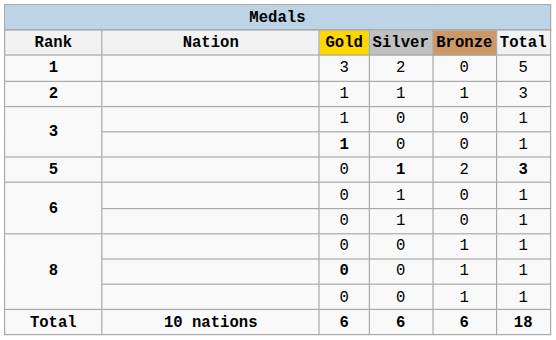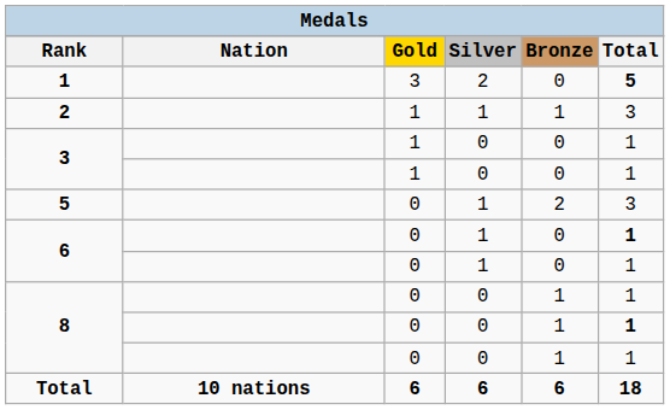 <table class=wikitable style=text-align:center>
 <tr>
 <td colspan=6 style="background:#BCD4E6"><strong>Medals</strong></td>
 </tr>
 <tr>
 </tr>
 <tr style="background-color:#EDEDED;">
 <th width=75px class="hintergrundfarbe5">Rank</th>
 <th width=175px class="hintergrundfarbe6">Nation</th>
 <th width=35px style="background:gold">Gold</th>
 <th width=35px style="background:silver">Silver</th>
 <th width=35px style="background:#CC9966">Bronze</th>
 <th width=35px>Total</th>
 </tr>
 <tr>
 <td><strong>1</strong></td>
 <td style="text-align:left"></td>
 <td>3</td>
 <td>2</td>
 <td>0</td>
-<td>5</td>
+<td><strong>5</strong></td>
 </tr>
 <tr>
 <td><strong>2</strong></td>
 <td style="text-align:left"></td>
 <td>1</td>
 <td>1</td>
 <td>1</td>
 <td>3</td>
 </tr>
 <tr>
 <td rowspan="2"><strong>3</strong></td>
 <td style="text-align:left"></td>
 <td>1</td>
 <td>0</td>
 <td>0</td>
 <td>1</td>
 </tr>
 <tr>
 <td style="text-align:left"></td>
-<td><strong>1</strong></td>
+<td>1</td>
 <td>0</td>
 <td>0</td>
 <td>1</td>
 </tr>
 <tr>
 <td><strong>5</strong></td>
 <td style="text-align:left"></td>
 <td>0</td>
-<td><strong>1</strong></td>
+<td>1</td>
 <td>2</td>
-<td><strong>3</strong></td>
+<td>3</td>
 </tr>
 <tr>
 <td rowspan="2"><strong>6</strong></td>
 <td style="text-align:left"></td>
 <td>0</td>
 <td>1</td>
 <td>0</td>
-<td>1</td>
+<td><strong>1</strong></td>
 </tr>
 <tr>
 <td style="text-align:left"></td>
 <td>0</td>
 <td>1</td>
 <td>0</td>
 <td>1</td>
 </tr>
 <tr>
 <td rowspan="3"><strong>8</strong></td>
 <td style="text-align:left"></td>
 <td>0</td>
 <td>0</td>
 <td>1</td>
 <td>1</td>
 </tr>
 <tr>
 <td style="text-align:left"> </td>
-<td><strong>0</strong></td>
+<td>0</td>
 <td>0</td>
 <td>1</td>
-<td>1</td>
+<td><strong>1</strong></td>
 </tr>
 <tr>
 <td style="text-align:left"></td>
 <td>0</td>
 <td>0</td>
 <td>1</td>
 <td>1</td>
 </tr>
 <tr>
 <td><strong>Total</strong></td>
 <td><strong>10 nations</strong></td>
 <td><strong>6</strong></td>
 <td><strong>6</strong></td>
 <td><strong>6</strong></td>
 <td><strong>18</strong></td>
 </tr>
 </table>
